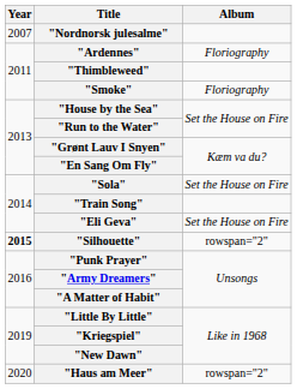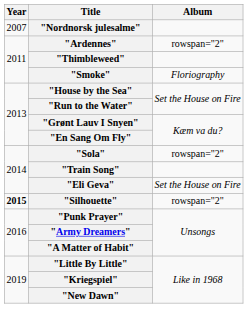 <table class="wikitable plainrowheaders" style="text-align:center;">
 <tr>
 <th scope="col" style="width:1em;">Year</th>
 <th scope="col" style="width:12em;">Title</th>
 <th scope="col">Album</th>
 </tr>
 <tr>
 <td>2007</td>
 <th scope="row">"Nordnorsk julesalme"</th>
 <td></td>
 </tr>
 <tr>
 <td rowspan="3">2011</td>
 <th scope="row">"Ardennes"</th>
-<td><em>Floriography</em></td>
+<td>rowspan="2" </td>
 </tr>
 <tr>
 <th scope="row">"Thimbleweed"</th>
 <td></td>
 </tr>
 <tr>
 <th scope="row">"Smoke"</th>
 <td><em>Floriography</em></td>
 </tr>
 <tr>
 <td rowspan="4">2013</td>
 <th scope="row">"House by the Sea"</th>
 <td rowspan="2"><em>Set the House on Fire</em></td>
 </tr>
 <tr>
 <th scope="row">"Run to the Water"</th>
 </tr>
 <tr>
 <th scope="row">"Grønt Lauv I Snyen"</th>
 <td rowspan="2"><em>Kæm va du?</em></td>
 </tr>
 <tr>
 <th scope="row">"En Sang Om Fly"</th>
 </tr>
 <tr>
 <td rowspan="3">2014</td>
 <th scope="row">"Sola"</th>
-<td><em>Set the House on Fire</em></td>
+<td>rowspan="2" </td>
 </tr>
 <tr>
 <th scope="row">"Train Song"</th>
 </tr>
 <tr>
 <th scope="row">"Eli Geva"</th>
 <td><em>Set the House on Fire</em></td>
 </tr>
 <tr>
 <td><strong>2015</strong></td>
 <th scope="row">"Silhouette"</th>
 <td>rowspan="2" </td>
 </tr>
 <tr>
 <td rowspan="3">2016</td>
 <th scope="row">"Punk Prayer"</th>
 <td rowspan="3"><em>Unsongs</em></td>
 </tr>
 <tr>
 <th scope="row">"<a href='#'>Army Dreamers</a>"</th>
 </tr>
 <tr>
 <th scope="row">"A Matter of Habit"</th>
 </tr>
 <tr>
 <td rowspan="3">2019</td>
 <th scope="row">"Little By Little"</th>
 <td rowspan="3"><em>Like in 1968</em></td>
 </tr>
 <tr>
 <th scope="row">"Kriegspiel"</th>
 </tr>
 <tr>
 <th scope="row">"New Dawn"</th>
 </tr>
-<tr>
-<td>2020</td>
-<th scope="row">"Haus am Meer"</th>
-<td>rowspan="2" </td>
-</tr>
 </table>
